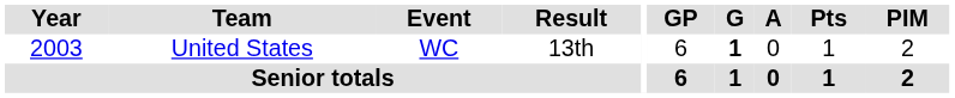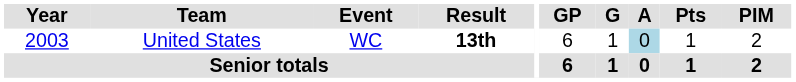 <table border="0" cellpadding="1" cellspacing="0" ID="Table3" style="text-align:center; width:40em">
 <tr ALIGN="center" bgcolor="#e0e0e0">
 <th>Year</th>
 <th>Team</th>
 <th>Event</th>
 <th>Result</th>
 <th rowspan="99" bgcolor="#ffffff"></th>
 <th>GP</th>
 <th>G</th>
 <th>A</th>
 <th>Pts</th>
 <th>PIM</th>
 </tr>
 <tr ALIGN="center">
 <td><a href='#'>2003</a></td>
 <td><a href='#'>United States</a></td>
 <td><a href='#'>WC</a></td>
-<td>13th</td>
+<td><strong>13th</strong></td>
 <td>6</td>
-<td><strong>1</strong></td>
-<td>0</td>
+<td>1</td>
+<td style="background: lightblue;">0</td>
 <td>1</td>
 <td>2</td>
 </tr>
 <tr bgcolor="#e0e0e0">
 <th colspan="4">Senior totals</th>
 <th>6</th>
 <th>1</th>
 <th>0</th>
 <th>1</th>
 <th>2</th>
 </tr>
 </table>
